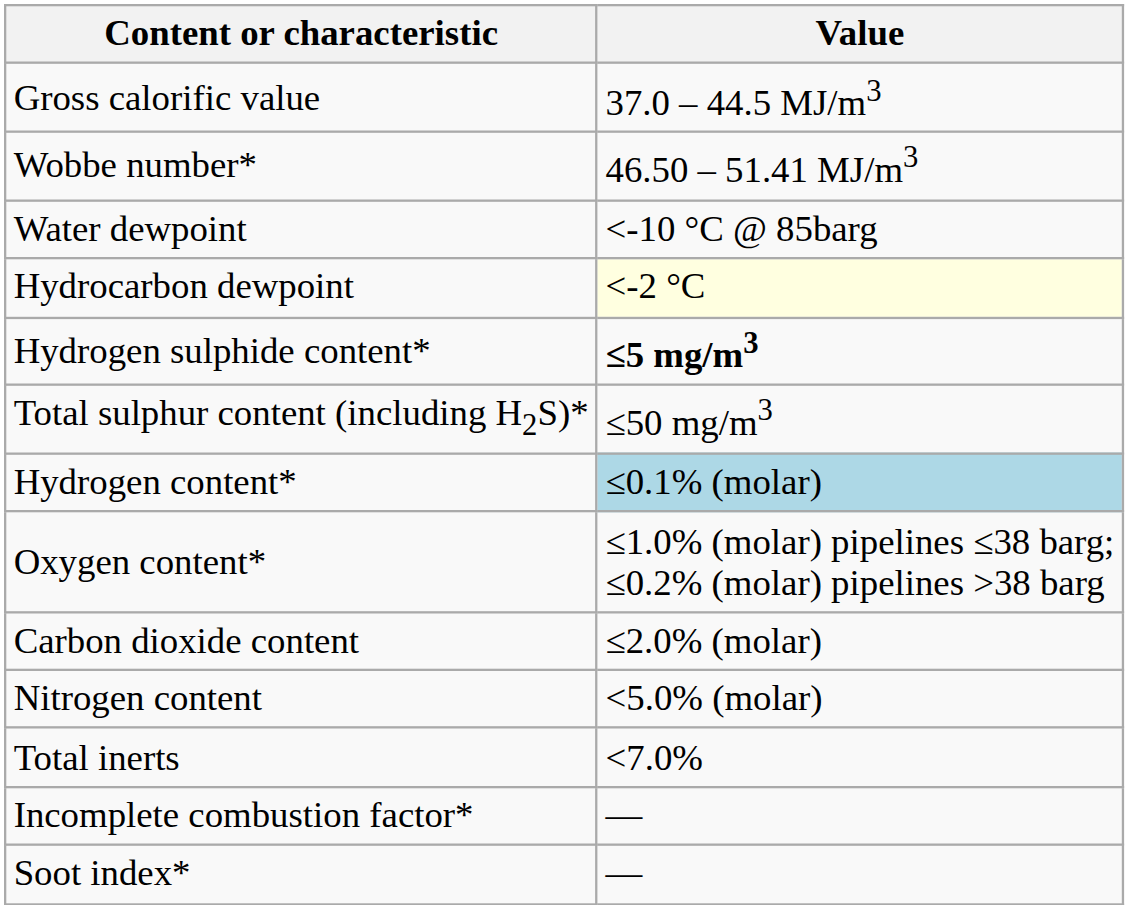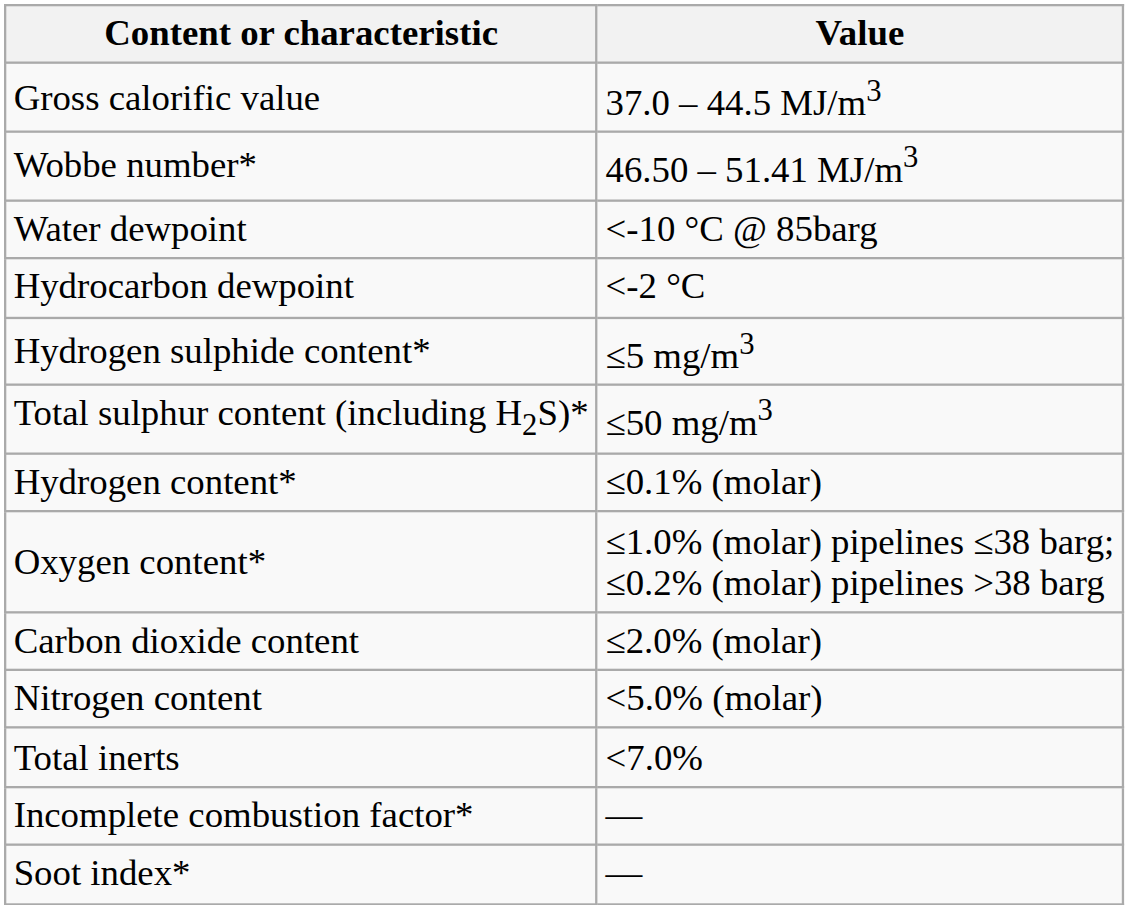 <table class="wikitable">
 <tr>
 <th>Content or characteristic</th>
 <th>Value</th>
 </tr>
 <tr>
 <td>Gross calorific value</td>
 <td>37.0 – 44.5 MJ/m<sup>3</sup></td>
 </tr>
 <tr>
 <td>Wobbe number*</td>
 <td>46.50 – 51.41 MJ/m<sup>3</sup></td>
 </tr>
 <tr>
 <td>Water dewpoint</td>
 <td><-10 °C @ 85barg</td>
 </tr>
 <tr>
 <td>Hydrocarbon dewpoint</td>
-<td style="background: lightyellow;"><-2 °C</td>
+<td><-2 °C</td>
 </tr>
 <tr>
 <td>Hydrogen sulphide content*</td>
-<td><strong>≤5 mg/m<sup>3</sup></strong></td>
+<td>≤5 mg/m<sup>3</sup></td>
 </tr>
 <tr>
 <td>Total sulphur content (including H<sub>2</sub>S)*</td>
 <td>≤50 mg/m<sup>3</sup></td>
 </tr>
 <tr>
 <td>Hydrogen content*</td>
-<td style="background: lightblue;">≤0.1% (molar)</td>
+<td>≤0.1% (molar)</td>
 </tr>
 <tr>
 <td>Oxygen content*</td>
 <td>≤1.0% (molar) pipelines ≤38 barg;<br>≤0.2% (molar) pipelines >38 barg</td>
 </tr>
 <tr>
 <td>Carbon dioxide content</td>
 <td>≤2.0% (molar)</td>
 </tr>
 <tr>
 <td>Nitrogen content</td>
 <td><5.0% (molar)</td>
 </tr>
 <tr>
 <td>Total inerts</td>
 <td><7.0%</td>
 </tr>
 <tr>
 <td>Incomplete combustion factor*</td>
 <td>—</td>
 </tr>
 <tr>
 <td>Soot index*</td>
 <td>—</td>
 </tr>
 </table>
